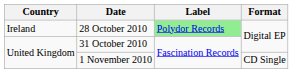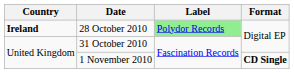 <table class="wikitable">
 <tr>
 <th>Country</th>
 <th>Date</th>
 <th>Label</th>
 <th>Format</th>
 </tr>
 <tr>
-<td rowspan="1">Ireland</td>
+<td rowspan="1"><strong>Ireland</strong></td>
 <td>28 October 2010</td>
 <td rowspan="1" style="background: lightgreen;"><a href='#'>Polydor Records</a></td>
 <td rowspan="2">Digital EP</td>
 </tr>
 <tr>
 <td rowspan="2">United Kingdom</td>
 <td>31 October 2010</td>
 <td rowspan="2"><a href='#'>Fascination Records</a></td>
 </tr>
 <tr>
 <td>1 November 2010</td>
-<td>CD Single</td>
+<td><strong>CD Single</strong></td>
 </tr>
 </table>
